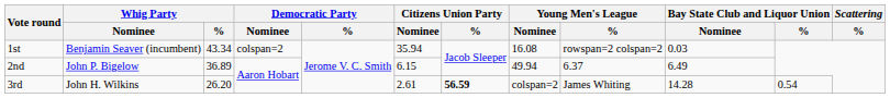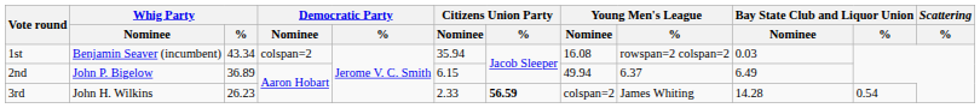 <table class="wikitable">
 <tr>
 <th rowspan=2>Vote round</th>
 <th colspan=2><a href='#'>Whig Party</a></th>
 <th colspan=2><a href='#'>Democratic Party</a></th>
 <th colspan=2>Citizens Union Party</th>
 <th colspan=2>Young Men's League</th>
 <th colspan=2>Bay State Club and Liquor Union</th>
 <th><em>Scattering</em></th>
 </tr>
 <tr>
 <th>Nominee</th>
 <th>%</th>
 <th>Nominee</th>
 <th>%</th>
 <th>Nominee</th>
 <th>%</th>
 <th>Nominee</th>
 <th>%</th>
 <th>Nominee</th>
 <th>%</th>
 <th>%</th>
 </tr>
 <tr>
 <td>1st</td>
 <td><a href='#'>Benjamin Seaver</a> (incumbent)</td>
 <td>43.34</td>
 <td>colspan=2 </td>
 <td rowspan=3><a href='#'>Jerome V. C. Smith</a></td>
 <td>35.94</td>
 <td rowspan=2><a href='#'>Jacob Sleeper</a></td>
 <td>16.08</td>
 <td>rowspan=2 colspan=2 </td>
 <td>0.03</td>
 </tr>
 <tr>
 <td>2nd</td>
 <td><a href='#'>John P. Bigelow</a></td>
 <td>36.89</td>
 <td rowspan=2><a href='#'>Aaron Hobart</a></td>
 <td>6.15</td>
 <td>49.94</td>
 <td>6.37</td>
 <td>6.49</td>
 </tr>
 <tr>
 <td>3rd</td>
 <td>John H. Wilkins</td>
-<td>26.20</td>
-<td>2.61</td>
+<td>26.23</td>
+<td>2.33</td>
 <td><strong>56.59</strong></td>
 <td>colspan=2 </td>
 <td>James Whiting</td>
 <td>14.28</td>
 <td>0.54</td>
 </tr>
 </table>
